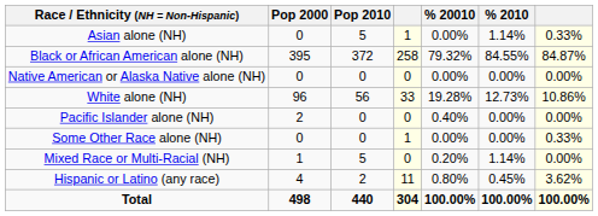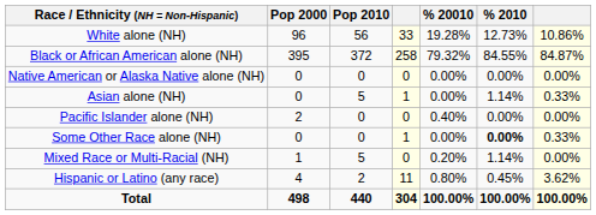 <table class="wikitable" style="text-align:center;">
 <tr>
 <th>Race / Ethnicity <small>(<em>NH = Non-Hispanic</em>)</small></th>
 <th>Pop 2000</th>
 <th>Pop 2010</th>
 <th></th>
 <th>% 20010</th>
 <th>% 2010</th>
 <th></th>
 </tr>
 <tr>
-<td><a href='#'>Asian</a> alone (NH)</td>
-<td>0</td>
-<td>5</td>
-<td style='background: #ffffe6;'>1</td>
-<td>0.00%</td>
-<td>1.14%</td>
-<td style='background: #ffffe6;'>0.33%</td>
+<td><a href='#'>White</a> alone (NH)</td>
+<td>96</td>
+<td>56</td>
+<td style='background: #ffffe6;'>33</td>
+<td>19.28%</td>
+<td>12.73%</td>
+<td style='background: #ffffe6;'>10.86%</td>
 </tr>
 <tr>
 <td><a href='#'>Black or African American</a> alone (NH)</td>
 <td>395</td>
 <td>372</td>
 <td style='background: #ffffe6;'>258</td>
 <td>79.32%</td>
 <td>84.55%</td>
 <td style='background: #ffffe6;'>84.87%</td>
 </tr>
 <tr>
 <td><a href='#'>Native American</a> or <a href='#'>Alaska Native</a> alone (NH)</td>
 <td>0</td>
 <td>0</td>
 <td style='background: #ffffe6;'>0</td>
 <td>0.00%</td>
 <td>0.00%</td>
 <td style='background: #ffffe6;'>0.00%</td>
 </tr>
 <tr>
-<td><a href='#'>White</a> alone (NH)</td>
-<td>96</td>
-<td>56</td>
-<td style='background: #ffffe6;'>33</td>
-<td>19.28%</td>
-<td>12.73%</td>
-<td style='background: #ffffe6;'>10.86%</td>
+<td><a href='#'>Asian</a> alone (NH)</td>
+<td>0</td>
+<td>5</td>
+<td style='background: #ffffe6;'>1</td>
+<td>0.00%</td>
+<td>1.14%</td>
+<td style='background: #ffffe6;'>0.33%</td>
 </tr>
 <tr>
 <td><a href='#'>Pacific Islander</a> alone (NH)</td>
 <td>2</td>
 <td>0</td>
 <td style='background: #ffffe6;'>0</td>
 <td>0.40%</td>
 <td>0.00%</td>
 <td style='background: #ffffe6;'>0.00%</td>
 </tr>
 <tr>
 <td><a href='#'>Some Other Race</a> alone (NH)</td>
 <td>0</td>
 <td>0</td>
 <td style='background: #ffffe6;'>1</td>
 <td>0.00%</td>
-<td>0.00%</td>
+<td><strong>0.00%</strong></td>
 <td style='background: #ffffe6;'>0.33%</td>
 </tr>
 <tr>
 <td><a href='#'>Mixed Race or Multi-Racial</a> (NH)</td>
 <td>1</td>
 <td>5</td>
 <td style='background: #ffffe6;'>0</td>
 <td>0.20%</td>
 <td>1.14%</td>
 <td style='background: #ffffe6;'>0.00%</td>
 </tr>
 <tr>
 <td><a href='#'>Hispanic or Latino</a> (any race)</td>
 <td>4</td>
 <td>2</td>
 <td style='background: #ffffe6;'>11</td>
 <td>0.80%</td>
 <td>0.45%</td>
 <td style='background: #ffffe6;'>3.62%</td>
 </tr>
 <tr>
 <td><strong>Total</strong></td>
 <td><strong>498</strong></td>
 <td><strong>440</strong></td>
 <td style='background: #ffffe6;'><strong>304</strong></td>
 <td><strong>100.00%</strong></td>
 <td><strong>100.00%</strong></td>
 <td style='background: #ffffe6;'><strong>100.00%</strong></td>
 </tr>
 </table>
